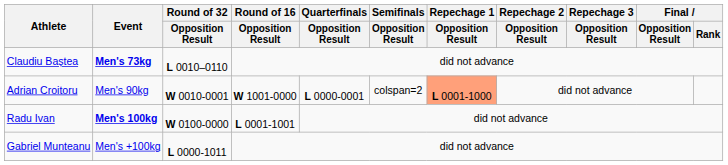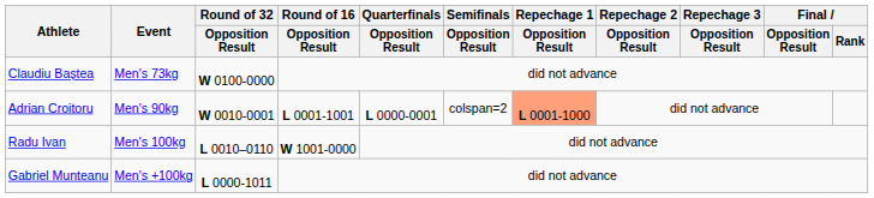 <table class="wikitable" style="font-size:90%">
 <tr>
 <th rowspan="2">Athlete</th>
 <th rowspan="2">Event</th>
 <th>Round of 32</th>
 <th>Round of 16</th>
 <th>Quarterfinals</th>
 <th>Semifinals</th>
 <th>Repechage 1</th>
 <th>Repechage 2</th>
 <th>Repechage 3</th>
 <th colspan=2>Final / </th>
 </tr>
 <tr style="font-size:95%">
 <th>Opposition<br>Result</th>
 <th>Opposition<br>Result</th>
 <th>Opposition<br>Result</th>
 <th>Opposition<br>Result</th>
 <th>Opposition<br>Result</th>
 <th>Opposition<br>Result</th>
 <th>Opposition<br>Result</th>
 <th>Opposition<br>Result</th>
 <th>Rank</th>
 </tr>
 <tr align=center>
 <td align=left><a href='#'>Claudiu Baștea</a></td>
-<td align=left><strong><a href='#'>Men's 73kg</a></strong></td>
-<td><br><strong>L</strong> 0010–0110</td>
+<td align=left><a href='#'>Men's 73kg</a></td>
+<td><br><strong>W</strong> 0100-0000</td>
 <td colspan=8>did not advance</td>
 </tr>
 <tr align=center>
 <td align=left><a href='#'>Adrian Croitoru</a></td>
 <td align=left><a href='#'>Men's 90kg</a></td>
 <td><br><strong>W</strong> 0010-0001</td>
-<td><br><strong>W</strong> 1001-0000</td>
+<td><br><strong>L</strong> 0001-1001</td>
 <td><br><strong>L</strong> 0000-0001</td>
 <td>colspan=2 </td>
 <td style="background: lightsalmon;"><br><strong>L</strong> 0001-1000</td>
 <td colspan=3>did not advance</td>
 </tr>
 <tr align=center>
 <td align=left><a href='#'>Radu Ivan</a></td>
-<td align=left><strong><a href='#'>Men's 100kg</a></strong></td>
-<td><br><strong>W</strong> 0100-0000</td>
-<td><br><strong>L</strong> 0001-1001</td>
+<td align=left><a href='#'>Men's 100kg</a></td>
+<td><br><strong>L</strong> 0010–0110</td>
+<td><br><strong>W</strong> 1001-0000</td>
 <td colspan=7>did not advance</td>
 </tr>
 <tr align=center>
 <td align=left><a href='#'>Gabriel Munteanu</a></td>
 <td align=left><a href='#'>Men's +100kg</a></td>
 <td><br><strong>L</strong> 0000-1011</td>
 <td colspan=8>did not advance</td>
 </tr>
 </table>
